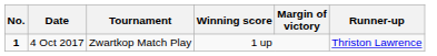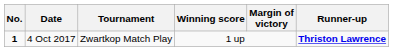 <table class="wikitable" style="font-size:95%;">
 <tr>
 <th>No.</th>
 <th>Date</th>
 <th>Tournament</th>
 <th>Winning score</th>
 <th>Margin of<br>victory</th>
 <th>Runner-up</th>
 </tr>
 <tr>
 <td align=center><strong>1</strong></td>
 <td align=right>4 Oct 2017</td>
 <td>Zwartkop Match Play</td>
 <td colspan=2 align=center>1 up</td>
-<td> <a href='#'>Thriston Lawrence</a></td>
+<td><strong> <a href='#'>Thriston Lawrence</a></strong></td>
 </tr>
 </table>
